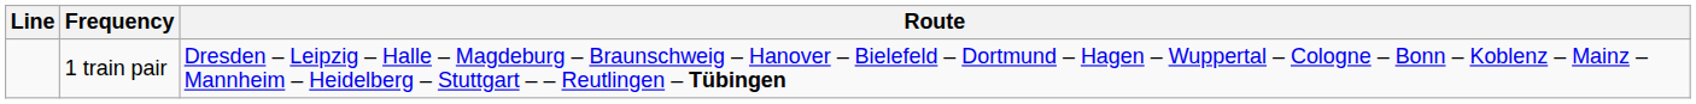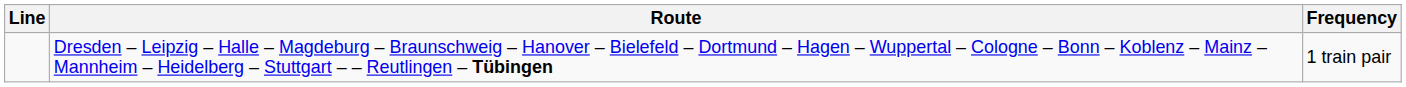 <table class="wikitable">
 <tr>
 <th>Line</th>
+<th>Route</th>
 <th>Frequency</th>
-<th>Route</th>
 </tr>
 <tr>
 <td></td>
+<td><a href='#'>Dresden</a> –  <a href='#'>Leipzig</a> – <a href='#'>Halle</a> – <a href='#'>Magdeburg</a> – <a href='#'>Braunschweig</a> – <a href='#'>Hanover</a> – <a href='#'>Bielefeld</a> – <a href='#'>Dortmund</a> – <a href='#'>Hagen</a> – <a href='#'>Wuppertal</a> – <a href='#'>Cologne</a> – <a href='#'>Bonn</a> – <a href='#'>Koblenz</a> – <a href='#'>Mainz</a> – <a href='#'>Mannheim</a> – <a href='#'>Heidelberg</a> – <a href='#'>Stuttgart</a> –  – <a href='#'>Reutlingen</a> – <strong>Tübingen</strong></td>
 <td>1 train pair</td>
-<td><a href='#'>Dresden</a> –  <a href='#'>Leipzig</a> – <a href='#'>Halle</a> – <a href='#'>Magdeburg</a> – <a href='#'>Braunschweig</a> – <a href='#'>Hanover</a> – <a href='#'>Bielefeld</a> – <a href='#'>Dortmund</a> – <a href='#'>Hagen</a> – <a href='#'>Wuppertal</a> – <a href='#'>Cologne</a> – <a href='#'>Bonn</a> – <a href='#'>Koblenz</a> – <a href='#'>Mainz</a> – <a href='#'>Mannheim</a> – <a href='#'>Heidelberg</a> – <a href='#'>Stuttgart</a> –  – <a href='#'>Reutlingen</a> – <strong>Tübingen</strong></td>
 </tr>
 </table>
